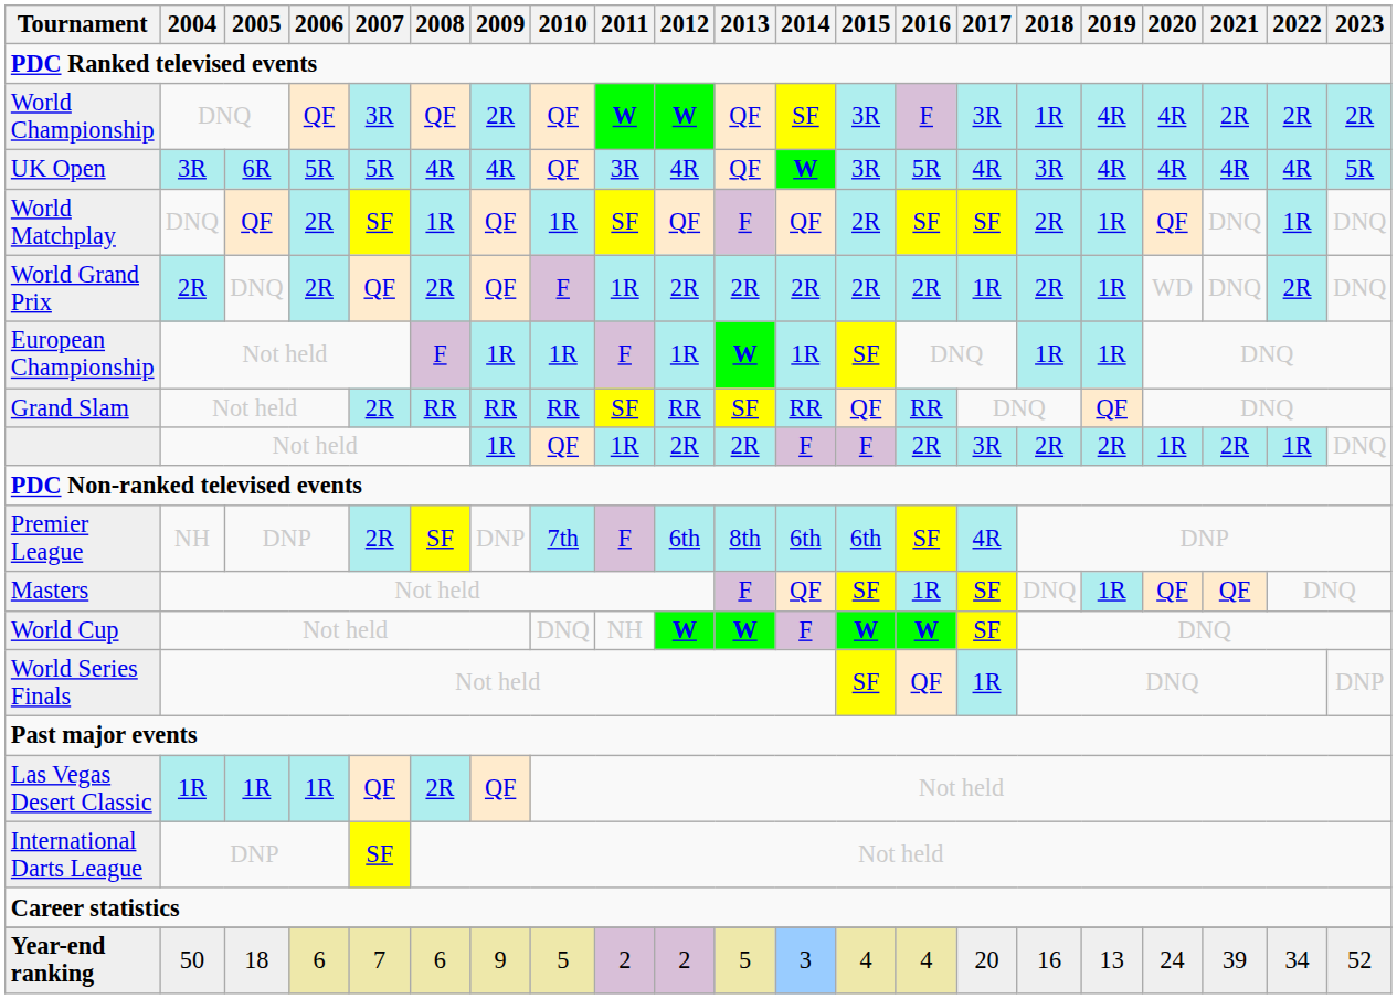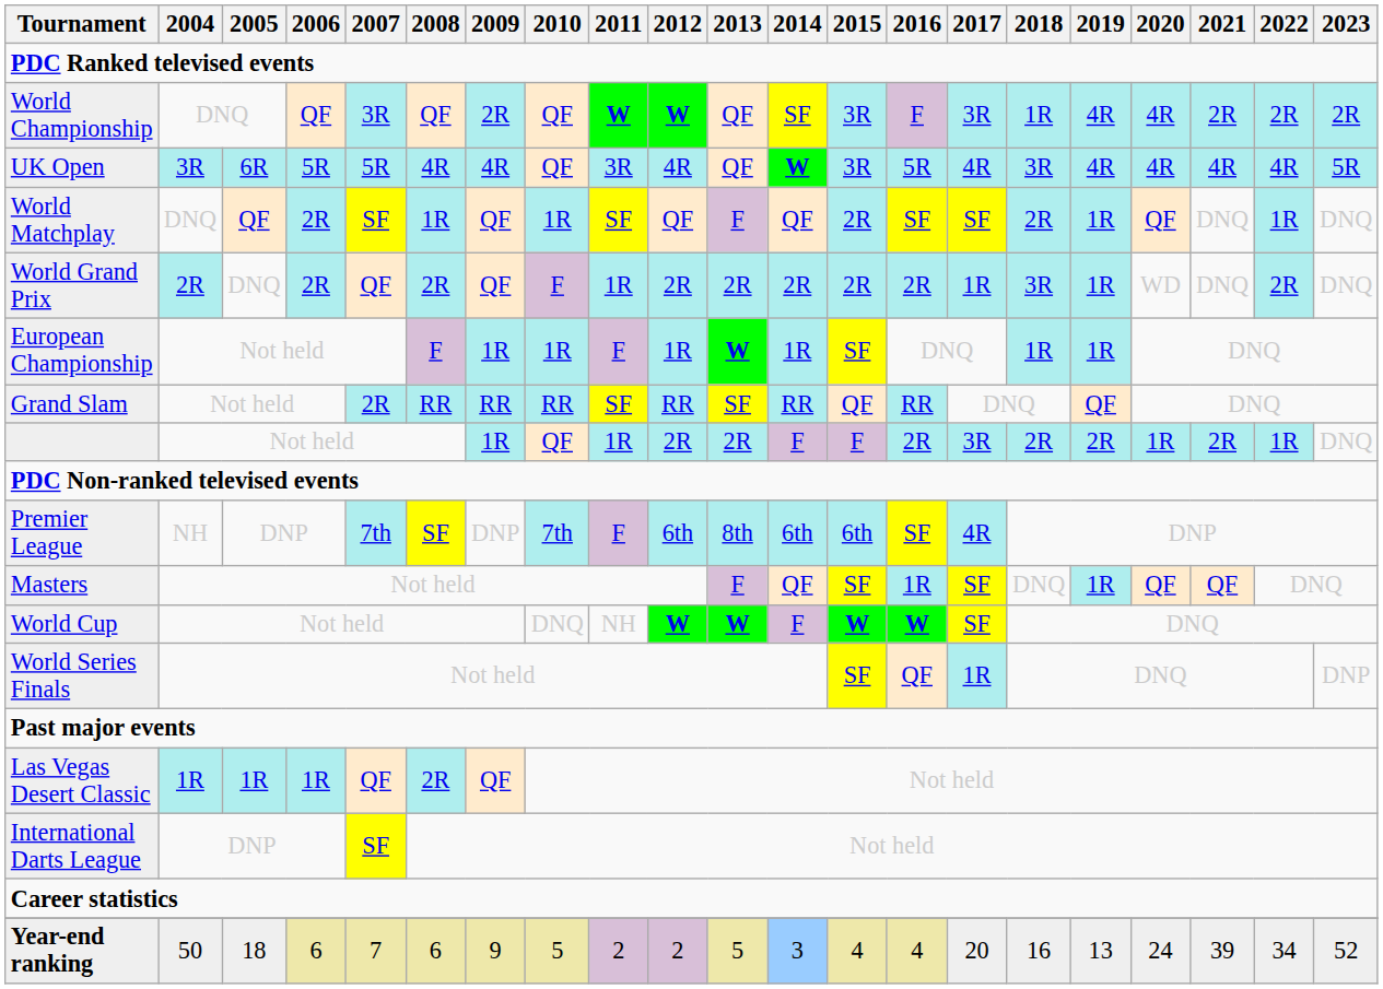 <table class="wikitable" style="width:50%; margin:0">
 <tr>
 <th>Tournament</th>
 <th>2004</th>
 <th>2005</th>
 <th>2006</th>
 <th>2007</th>
 <th>2008</th>
 <th>2009</th>
 <th>2010</th>
 <th>2011</th>
 <th>2012</th>
 <th>2013</th>
 <th>2014</th>
 <th>2015</th>
 <th>2016</th>
 <th>2017</th>
 <th>2018</th>
 <th>2019</th>
 <th>2020</th>
 <th>2021</th>
 <th>2022</th>
 <th>2023</th>
 </tr>
 <tr>
 <td colspan="23" style="text-align:left"><strong><a href='#'>PDC</a> Ranked televised events</strong></td>
 </tr>
 <tr>
 <td style="background:#efefef;"><a href='#'>World Championship</a></td>
 <td colspan="2" style="text-align:center; color:#ccc;">DNQ</td>
 <td style="text-align:center; background:#ffebcd;"><a href='#'>QF</a></td>
 <td style="text-align:center; background:#afeeee;"><a href='#'>3R</a></td>
 <td style="text-align:center; background:#ffebcd;"><a href='#'>QF</a></td>
 <td style="text-align:center; background:#afeeee;"><a href='#'>2R</a></td>
 <td style="text-align:center; background:#ffebcd;"><a href='#'>QF</a></td>
 <td style="text-align:center; background:lime;"><strong><a href='#'>W</a></strong></td>
 <td style="text-align:center; background:lime;"><strong><a href='#'>W</a></strong></td>
 <td style="text-align:center; background:#ffebcd;"><a href='#'>QF</a></td>
 <td style="text-align:center; background:yellow;"><a href='#'>SF</a></td>
 <td style="text-align:center; background:#afeeee;"><a href='#'>3R</a></td>
 <td style="text-align:center; background:thistle;"><a href='#'>F</a></td>
 <td style="text-align:center; background:#afeeee;"><a href='#'>3R</a></td>
 <td style="text-align:center; background:#afeeee;"><a href='#'>1R</a></td>
 <td style="text-align:center; background:#afeeee;"><a href='#'>4R</a></td>
 <td style="text-align:center; background:#afeeee;"><a href='#'>4R</a></td>
 <td style="text-align:center; background:#afeeee;"><a href='#'>2R</a></td>
 <td style="text-align:center; background:#afeeee;"><a href='#'>2R</a></td>
 <td style="text-align:center; background:#afeeee;"><a href='#'>2R</a></td>
 </tr>
 <tr>
 <td style="background:#efefef;"><a href='#'>UK Open</a></td>
 <td style="text-align:center; background:#afeeee;"><a href='#'>3R</a></td>
 <td style="text-align:center; background:#afeeee;"><a href='#'>6R</a></td>
 <td style="text-align:center; background:#afeeee;"><a href='#'>5R</a></td>
 <td style="text-align:center; background:#afeeee;"><a href='#'>5R</a></td>
 <td style="text-align:center; background:#afeeee;"><a href='#'>4R</a></td>
 <td style="text-align:center; background:#afeeee;"><a href='#'>4R</a></td>
 <td style="text-align:center; background:#ffebcd;"><a href='#'>QF</a></td>
 <td style="text-align:center; background:#afeeee;"><a href='#'>3R</a></td>
 <td style="text-align:center; background:#afeeee;"><a href='#'>4R</a></td>
 <td style="text-align:center; background:#ffebcd;"><a href='#'>QF</a></td>
 <td style="text-align:center; background:lime;"><strong><a href='#'>W</a></strong></td>
 <td style="text-align:center; background:#afeeee;"><a href='#'>3R</a></td>
 <td style="text-align:center; background:#afeeee;"><a href='#'>5R</a></td>
 <td style="text-align:center; background:#afeeee;"><a href='#'>4R</a></td>
 <td style="text-align:center; background:#afeeee;"><a href='#'>3R</a></td>
 <td style="text-align:center; background:#afeeee;"><a href='#'>4R</a></td>
 <td style="text-align:center; background:#afeeee;"><a href='#'>4R</a></td>
 <td style="text-align:center; background:#afeeee;"><a href='#'>4R</a></td>
 <td style="text-align:center; background:#afeeee;"><a href='#'>4R</a></td>
 <td style="text-align:center; background:#afeeee;"><a href='#'>5R</a></td>
 </tr>
 <tr>
 <td style="background:#efefef;"><a href='#'>World Matchplay</a></td>
 <td style="text-align:center; color:#ccc;">DNQ</td>
 <td style="text-align:center; background:#ffebcd;"><a href='#'>QF</a></td>
 <td style="text-align:center; background:#afeeee;"><a href='#'>2R</a></td>
 <td style="text-align:center; background:yellow;"><a href='#'>SF</a></td>
 <td style="text-align:center; background:#afeeee;"><a href='#'>1R</a></td>
 <td style="text-align:center; background:#ffebcd;"><a href='#'>QF</a></td>
 <td style="text-align:center; background:#afeeee;"><a href='#'>1R</a></td>
 <td style="text-align:center; background:yellow;"><a href='#'>SF</a></td>
 <td style="text-align:center; background:#ffebcd;"><a href='#'>QF</a></td>
 <td style="text-align:center; background:thistle;"><a href='#'>F</a></td>
 <td style="text-align:center; background:#ffebcd;"><a href='#'>QF</a></td>
 <td style="text-align:center; background:#afeeee;"><a href='#'>2R</a></td>
 <td style="text-align:center; background:yellow;"><a href='#'>SF</a></td>
 <td style="text-align:center; background:yellow;"><a href='#'>SF</a></td>
 <td style="text-align:center; background:#afeeee;"><a href='#'>2R</a></td>
 <td style="text-align:center; background:#afeeee;"><a href='#'>1R</a></td>
 <td style="text-align:center; background:#ffebcd;"><a href='#'>QF</a></td>
 <td style="text-align:center; color:#ccc;">DNQ</td>
 <td style="text-align:center; background:#afeeee;"><a href='#'>1R</a></td>
 <td style="text-align:center; color:#ccc;">DNQ</td>
 </tr>
 <tr>
 <td style="background:#efefef;"><a href='#'>World Grand Prix</a></td>
 <td style="text-align:center; background:#afeeee;"><a href='#'>2R</a></td>
 <td style="text-align:center; color:#ccc;">DNQ</td>
 <td style="text-align:center; background:#afeeee;"><a href='#'>2R</a></td>
 <td style="text-align:center; background:#ffebcd;"><a href='#'>QF</a></td>
 <td style="text-align:center; background:#afeeee;"><a href='#'>2R</a></td>
 <td style="text-align:center; background:#ffebcd;"><a href='#'>QF</a></td>
 <td style="text-align:center; background:thistle;"><a href='#'>F</a></td>
 <td style="text-align:center; background:#afeeee;"><a href='#'>1R</a></td>
 <td style="text-align:center; background:#afeeee;"><a href='#'>2R</a></td>
 <td style="text-align:center; background:#afeeee;"><a href='#'>2R</a></td>
 <td style="text-align:center; background:#afeeee;"><a href='#'>2R</a></td>
 <td style="text-align:center; background:#afeeee;"><a href='#'>2R</a></td>
 <td style="text-align:center; background:#afeeee;"><a href='#'>2R</a></td>
 <td style="text-align:center; background:#afeeee;"><a href='#'>1R</a></td>
-<td style="text-align:center; background:#afeeee;"><a href='#'>2R</a></td>
+<td style="text-align:center; background:#afeeee;"><a href='#'>3R</a></td>
 <td style="text-align:center; background:#afeeee;"><a href='#'>1R</a></td>
 <td style="text-align:center; color:#ccc;">WD</td>
 <td style="text-align:center; color:#ccc;">DNQ</td>
 <td style="text-align:center; background:#afeeee;"><a href='#'>2R</a></td>
 <td style="text-align:center; color:#ccc;">DNQ</td>
 </tr>
 <tr>
 <td style="background:#efefef;"><a href='#'>European Championship</a></td>
 <td colspan="4" style="text-align:center; color:#ccc;">Not held</td>
 <td style="text-align:center; background:thistle;"><a href='#'>F</a></td>
 <td style="text-align:center; background:#afeeee;"><a href='#'>1R</a></td>
 <td style="text-align:center; background:#afeeee;"><a href='#'>1R</a></td>
 <td style="text-align:center; background:thistle;"><a href='#'>F</a></td>
 <td style="text-align:center; background:#afeeee;"><a href='#'>1R</a></td>
 <td style="text-align:center; background:lime;"><strong><a href='#'>W</a></strong></td>
 <td style="text-align:center; background:#afeeee;"><a href='#'>1R</a></td>
 <td style="text-align:center; background:yellow;"><a href='#'>SF</a></td>
 <td colspan="2" style="text-align:center; color:#ccc;">DNQ</td>
 <td style="text-align:center; background:#afeeee;"><a href='#'>1R</a></td>
 <td style="text-align:center; background:#afeeee;"><a href='#'>1R</a></td>
 <td colspan="4" style="text-align:center; color:#ccc;">DNQ</td>
 </tr>
 <tr>
 <td style="background:#efefef;"><a href='#'>Grand Slam</a></td>
 <td colspan="3" style="text-align:center; color:#ccc;">Not held</td>
 <td style="text-align:center; background:#afeeee;"><a href='#'>2R</a></td>
 <td style="text-align:center; background:#afeeee;"><a href='#'>RR</a></td>
 <td style="text-align:center; background:#afeeee;"><a href='#'>RR</a></td>
 <td style="text-align:center; background:#afeeee;"><a href='#'>RR</a></td>
 <td style="text-align:center; background:yellow;"><a href='#'>SF</a></td>
 <td style="text-align:center; background:#afeeee;"><a href='#'>RR</a></td>
 <td style="text-align:center; background:yellow;"><a href='#'>SF</a></td>
 <td style="text-align:center; background:#afeeee;"><a href='#'>RR</a></td>
 <td style="text-align:center; background:#ffebcd;"><a href='#'>QF</a></td>
 <td style="text-align:center; background:#afeeee;"><a href='#'>RR</a></td>
 <td colspan="2" style="text-align:center; color:#ccc;">DNQ</td>
 <td style="text-align:center; background:#ffebcd;"><a href='#'>QF</a></td>
 <td colspan="4" style="text-align:center; color:#ccc;">DNQ</td>
 </tr>
 <tr>
 <td style="background:#efefef;"></td>
 <td colspan="5" style="text-align:center; color:#ccc;">Not held</td>
 <td style="text-align:center; background:#afeeee;"><a href='#'>1R</a></td>
 <td style="text-align:center; background:#ffebcd;"><a href='#'>QF</a></td>
 <td style="text-align:center; background:#afeeee;"><a href='#'>1R</a></td>
 <td style="text-align:center; background:#afeeee;"><a href='#'>2R</a></td>
 <td style="text-align:center; background:#afeeee;"><a href='#'>2R</a></td>
 <td style="text-align:center; background:thistle;"><a href='#'>F</a></td>
 <td style="text-align:center; background:thistle;"><a href='#'>F</a></td>
 <td style="text-align:center; background:#afeeee;"><a href='#'>2R</a></td>
 <td style="text-align:center; background:#afeeee;"><a href='#'>3R</a></td>
 <td style="text-align:center; background:#afeeee;"><a href='#'>2R</a></td>
 <td style="text-align:center; background:#afeeee;"><a href='#'>2R</a></td>
 <td style="text-align:center; background:#afeeee;"><a href='#'>1R</a></td>
 <td style="text-align:center; background:#afeeee;"><a href='#'>2R</a></td>
 <td style="text-align:center; background:#afeeee;"><a href='#'>1R</a></td>
 <td style="text-align:center; color:#ccc;">DNQ</td>
 </tr>
 <tr>
 <td colspan="23" style="text-align:left"><strong><a href='#'>PDC</a> Non-ranked televised events</strong></td>
 </tr>
 <tr>
 <td style="background:#efefef;"><a href='#'>Premier League</a></td>
 <td style="text-align:center; color:#ccc;">NH</td>
 <td colspan="2" style="text-align:center; color:#ccc;">DNP</td>
-<td style="text-align:center; background:#afeeee;"><a href='#'>2R</a></td>
+<td style="text-align:center; background:#afeeee;"><a href='#'>7th</a></td>
 <td style="text-align:center; background:yellow;"><a href='#'>SF</a></td>
 <td style="text-align:center; color:#ccc;">DNP</td>
 <td style="text-align:center; background:#afeeee;"><a href='#'>7th</a></td>
 <td style="text-align:center; background:thistle;"><a href='#'>F</a></td>
 <td style="text-align:center; background:#afeeee;"><a href='#'>6th</a></td>
 <td style="text-align:center; background:#afeeee;"><a href='#'>8th</a></td>
 <td style="text-align:center; background:#afeeee;"><a href='#'>6th</a></td>
 <td style="text-align:center; background:#afeeee;"><a href='#'>6th</a></td>
 <td style="text-align:center; background:yellow;"><a href='#'>SF</a></td>
 <td style="text-align:center; background:#afeeee;"><a href='#'>4R</a></td>
 <td colspan="6" style="text-align:center; color:#ccc;">DNP</td>
 </tr>
 <tr>
 <td style="background:#efefef;"><a href='#'>Masters</a></td>
 <td colspan="9" style="text-align:center; color:#ccc;">Not held</td>
 <td style="text-align:center; background:thistle;"><a href='#'>F</a></td>
 <td style="text-align:center; background:#ffebcd;"><a href='#'>QF</a></td>
 <td style="text-align:center; background:yellow;"><a href='#'>SF</a></td>
 <td style="text-align:center; background:#afeeee;"><a href='#'>1R</a></td>
 <td style="text-align:center; background:yellow;"><a href='#'>SF</a></td>
 <td style="text-align:center; color:#ccc;">DNQ</td>
 <td style="text-align:center; background:#afeeee;"><a href='#'>1R</a></td>
 <td style="text-align:center; background:#ffebcd;"><a href='#'>QF</a></td>
 <td style="text-align:center; background:#ffebcd;"><a href='#'>QF</a></td>
 <td colspan="2" style="text-align:center; color:#ccc;">DNQ</td>
 </tr>
 <tr>
 <td style="background:#efefef;"><a href='#'>World Cup</a></td>
 <td colspan="6" style="text-align:center; color:#ccc;">Not held</td>
 <td style="text-align:center; color:#ccc;">DNQ</td>
 <td style="text-align:center; color:#ccc;">NH</td>
 <td style="text-align:center; background:lime;"><a href='#'><strong>W</strong></a></td>
 <td style="text-align:center; background:lime;"><a href='#'><strong>W</strong></a></td>
 <td style="text-align:center; background:thistle;"><a href='#'>F</a></td>
 <td style="text-align:center; background:lime;"><a href='#'><strong>W</strong></a></td>
 <td style="text-align:center; background:lime;"><a href='#'><strong>W</strong></a></td>
 <td style="text-align:center; background:yellow;"><a href='#'>SF</a></td>
 <td colspan="6" style="text-align:center; color:#ccc;">DNQ</td>
 </tr>
 <tr>
 <td style="background:#efefef;"><a href='#'>World Series Finals</a></td>
 <td colspan="11" style="text-align:center; color:#ccc;">Not held</td>
 <td style="text-align:center; background:yellow;"><a href='#'>SF</a></td>
 <td style="text-align:center; background:#ffebcd;"><a href='#'>QF</a></td>
 <td style="text-align:center; background:#afeeee;"><a href='#'>1R</a></td>
 <td colspan="5" style="text-align:center; color:#ccc;">DNQ</td>
 <td style="text-align:center; color:#ccc;">DNP</td>
 </tr>
 <tr>
 <td colspan="24" align="left"><strong>Past major events</strong></td>
 </tr>
 <tr>
 <td style="background:#efefef;"><a href='#'>Las Vegas Desert Classic</a></td>
 <td style="text-align:center; background:#afeeee;"><a href='#'>1R</a></td>
 <td style="text-align:center; background:#afeeee;"><a href='#'>1R</a></td>
 <td style="text-align:center; background:#afeeee;"><a href='#'>1R</a></td>
 <td style="text-align:center; background:#ffebcd;"><a href='#'>QF</a></td>
 <td style="text-align:center; background:#afeeee;"><a href='#'>2R</a></td>
 <td style="text-align:center; background:#ffebcd;"><a href='#'>QF</a></td>
 <td colspan="14" style="text-align:center; color:#ccc;">Not held</td>
 </tr>
 <tr>
 <td style="background:#efefef;"><a href='#'>International Darts League</a></td>
 <td colspan="3" style="text-align:center; color:#ccc;">DNP</td>
 <td style="text-align:center; background:yellow;"><a href='#'>SF</a></td>
 <td colspan="16" style="text-align:center; color:#ccc;">Not held</td>
 </tr>
 <tr>
 <td colspan="25" align="left"><strong>Career statistics</strong></td>
 </tr>
 <tr>
 </tr>
 <tr bgcolor="efefef">
 <td align="left"><strong>Year-end ranking</strong></td>
 <td style="text-align:center;">50</td>
 <td style="text-align:center;">18</td>
 <td style="text-align:center; background:#eee8aa;">6</td>
 <td style="text-align:center; background:#eee8aa;">7</td>
 <td style="text-align:center; background:#eee8aa;">6</td>
 <td style="text-align:center; background:#eee8aa;">9</td>
 <td style="text-align:center; background:#eee8aa;">5</td>
 <td style="text-align:center; background:thistle;">2</td>
 <td style="text-align:center; background:thistle;">2</td>
 <td style="text-align:center; background:#eee8aa;">5</td>
 <td style="text-align:center; background:#99ccff;">3</td>
 <td style="text-align:center; background:#eee8aa;">4</td>
 <td style="text-align:center; background:#eee8aa;">4</td>
 <td style="text-align:center;">20</td>
 <td style="text-align:center;">16</td>
 <td style="text-align:center;">13</td>
 <td style="text-align:center;">24</td>
 <td style="text-align:center;">39</td>
 <td style="text-align:center;">34</td>
 <td style="text-align:center;">52</td>
 </tr>
 </table>
